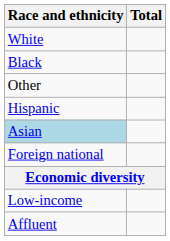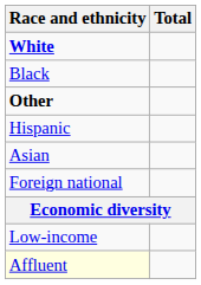 <table class="wikitable floatright sortable collapsible"; text-align:right; font-size:80%;">
 <tr>
 <th>Race and ethnicity</th>
 <th colspan="2" data-sort-type=number>Total</th>
 </tr>
 <tr>
-<td><a href='#'>White</a></td>
+<td><strong><a href='#'>White</a></strong></td>
 <td align=right></td>
 </tr>
 <tr>
 <td><a href='#'>Black</a></td>
 <td align=right></td>
 </tr>
 <tr>
-<td>Other</td>
+<td><strong>Other</strong></td>
 <td align=right></td>
 </tr>
 <tr>
 <td><a href='#'>Hispanic</a></td>
 <td align=right></td>
 </tr>
 <tr>
-<td style="background: lightblue;"><a href='#'>Asian</a></td>
+<td><a href='#'>Asian</a></td>
 <td align=right></td>
 </tr>
 <tr>
 <td><a href='#'>Foreign national</a></td>
 <td align=right></td>
 </tr>
 <tr>
 <th colspan="4" data-sort-type=number><a href='#'>Economic diversity</a></th>
 </tr>
 <tr>
 <td><a href='#'>Low-income</a></td>
 <td align=right></td>
 </tr>
 <tr>
-<td><a href='#'>Affluent</a></td>
+<td style="background: lightyellow;"><a href='#'>Affluent</a></td>
 <td align=right></td>
 </tr>
 </table>
